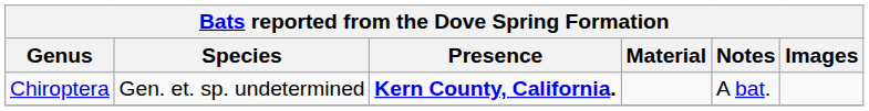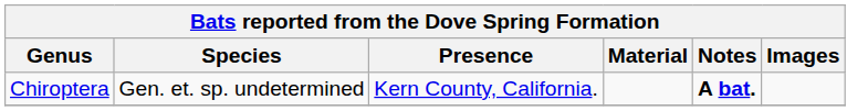 <table class="wikitable" align="center">
 <tr>
 <th colspan="6" align="center"><strong><a href='#'>Bats</a> reported from the Dove Spring Formation</strong></th>
 </tr>
 <tr>
 <th>Genus</th>
 <th>Species</th>
 <th>Presence</th>
 <th><strong>Material</strong></th>
 <th>Notes</th>
 <th>Images</th>
 </tr>
 <tr>
 <td><a href='#'>Chiroptera</a></td>
 <td>Gen. et. sp. undetermined</td>
-<td><strong><a href='#'>Kern County, California</a>.</strong></td>
+<td><a href='#'>Kern County, California</a>.</td>
 <td></td>
-<td>A <a href='#'>bat</a>.</td>
+<td><strong>A <a href='#'>bat</a>.</strong></td>
 <td></td>
 </tr>
 <tr>
 </tr>
 </table>
